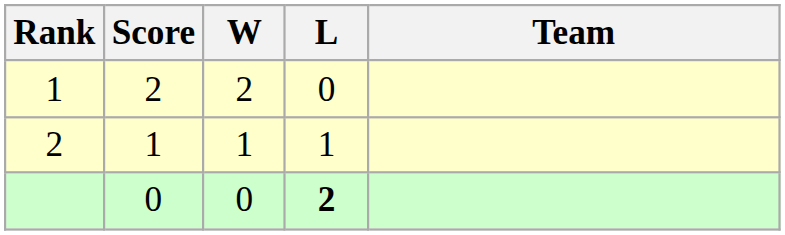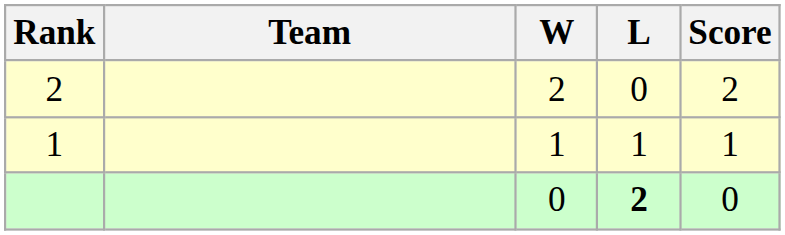 <table class="wikitable Sortable" style="text-align:center">
 <tr>
 <th width=30>Rank</th>
-<th width=30>Score</th>
+<th width=180>Team</th>
 <th width=30>W</th>
 <th width=30>L</th>
-<th width=180>Team</th>
+<th width=30>Score</th>
+</tr>
+<tr bgcolor="#ffffcc">
+<td>2</td>
+<td style="text-align:left;"> </td>
+<td>2</td>
+<td>0</td>
+<td>2</td>
 </tr>
 <tr bgcolor="#ffffcc">
 <td>1</td>
-<td>2</td>
-<td>2</td>
-<td>0</td>
 <td style="text-align:left;"> </td>
-</tr>
-<tr bgcolor="#ffffcc">
-<td>2</td>
 <td>1</td>
 <td>1</td>
 <td>1</td>
-<td style="text-align:left;"> </td>
 </tr>
 <tr bgcolor="ccffcc">
 <td></td>
-<td>0</td>
+<td style="text-align:left;"> </td>
 <td>0</td>
 <td><strong>2</strong></td>
-<td style="text-align:left;"> </td>
+<td>0</td>
 </tr>
 </table>
